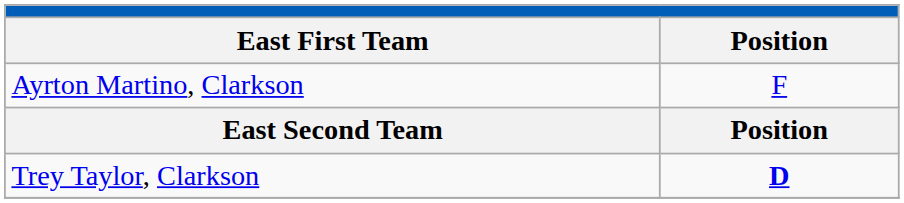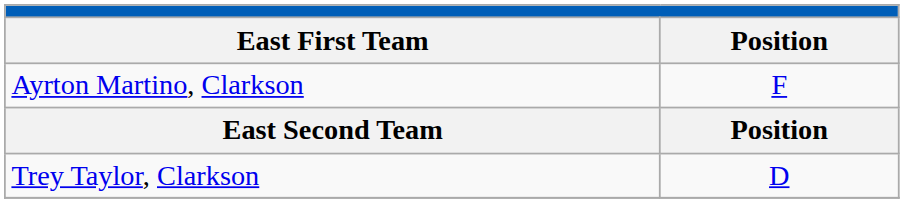 <table class="wikitable" width=40%>
 <tr>
 <th style="color:white; background:#005EB8" colspan=3><a href='#'></a></th>
 </tr>
 <tr>
 <th>East First Team</th>
 <th>Position</th>
 </tr>
 <tr>
 <td><a href='#'>Ayrton Martino</a>, <a href='#'>Clarkson</a></td>
 <td align=center><a href='#'>F</a></td>
 </tr>
 <tr>
 <th>East Second Team</th>
 <th>Position</th>
 </tr>
 <tr>
 <td><a href='#'>Trey Taylor</a>, <a href='#'>Clarkson</a></td>
-<td align=center><strong><a href='#'>D</a></strong></td>
+<td align=center><a href='#'>D</a></td>
 </tr>
 <tr>
 </tr>
 </table>
